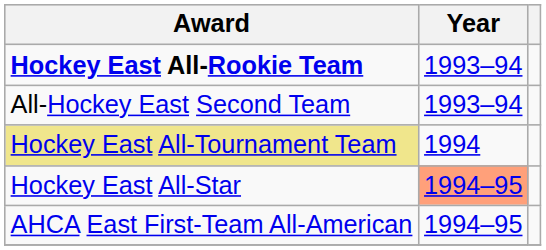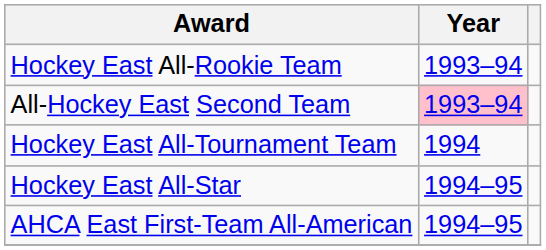 <table class="wikitable">
 <tr>
 <th>Award</th>
 <th>Year</th>
 <th></th>
 </tr>
 <tr>
-<td><strong><a href='#'>Hockey East</a> All-<a href='#'>Rookie Team</a></strong></td>
+<td><a href='#'>Hockey East</a> All-<a href='#'>Rookie Team</a></td>
 <td><a href='#'>1993–94</a></td>
 <td></td>
 </tr>
 <tr>
 <td>All-<a href='#'>Hockey East</a> <a href='#'>Second Team</a></td>
-<td><a href='#'>1993–94</a></td>
+<td style="background: pink;"><a href='#'>1993–94</a></td>
 <td></td>
 </tr>
 <tr>
-<td style="background: khaki;"><a href='#'>Hockey East</a> <a href='#'>All-Tournament Team</a></td>
+<td><a href='#'>Hockey East</a> <a href='#'>All-Tournament Team</a></td>
 <td><a href='#'>1994</a></td>
 <td></td>
 </tr>
 <tr>
 <td><a href='#'>Hockey East</a> <a href='#'>All-Star</a></td>
-<td style="background: lightsalmon;"><a href='#'>1994–95</a></td>
+<td><a href='#'>1994–95</a></td>
 <td></td>
 </tr>
 <tr>
 <td><a href='#'>AHCA</a> <a href='#'>East First-Team All-American</a></td>
 <td><a href='#'>1994–95</a></td>
 <td></td>
 </tr>
 <tr>
 </tr>
 </table>
